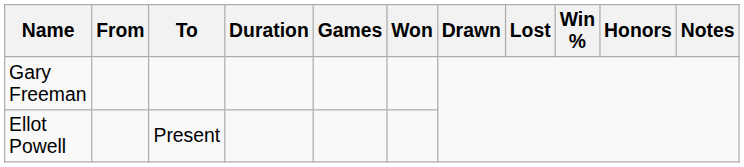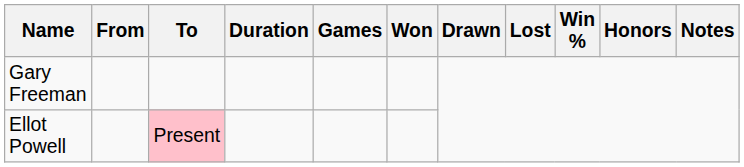 <table class="wikitable sortable" style="text-align: left">
 <tr>
 <th scope=col>Name</th>
 <th scope=col>From</th>
 <th scope=col class="unsortable">To</th>
 <th scope=col>Duration</th>
 <th scope=col>Games</th>
 <th scope=col>Won</th>
 <th scope=col>Drawn</th>
 <th scope=col>Lost</th>
 <th scope=col>Win %</th>
 <th scope=col class="unsortable">Honors</th>
 <th scope=col class="unsortable">Notes</th>
 </tr>
 <tr>
 <td scope=row align="left"> Gary Freeman</td>
 <td align="left"></td>
 <td align="left"></td>
 <td align="center"><br></td>
 <td align="center"></td>
 <td></td>
 </tr>
 <tr>
 <td scope=row align="left"> Ellot Powell</td>
 <td align="left"></td>
-<td align="left">Present</td>
+<td align="left" style="background: pink;">Present</td>
 <td align="center"><br></td>
 <td align="center"></td>
 <td></td>
 </tr>
 </table>
